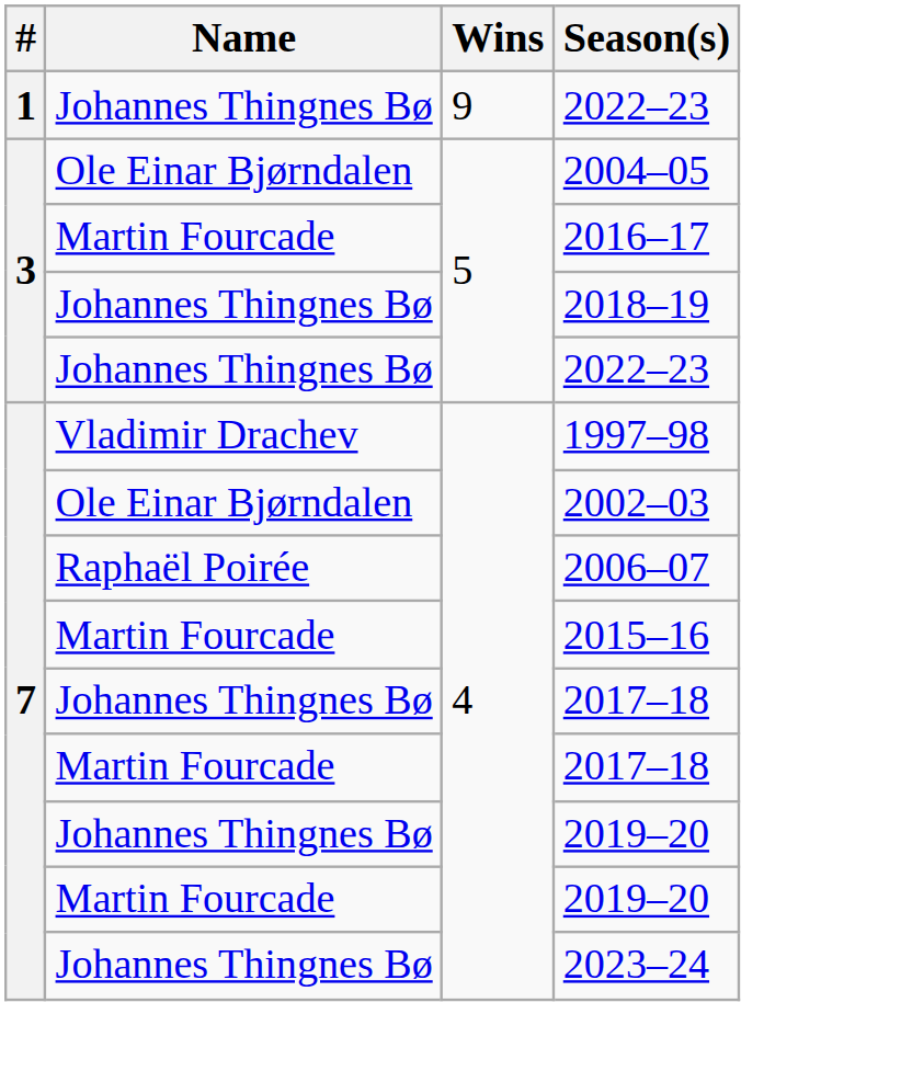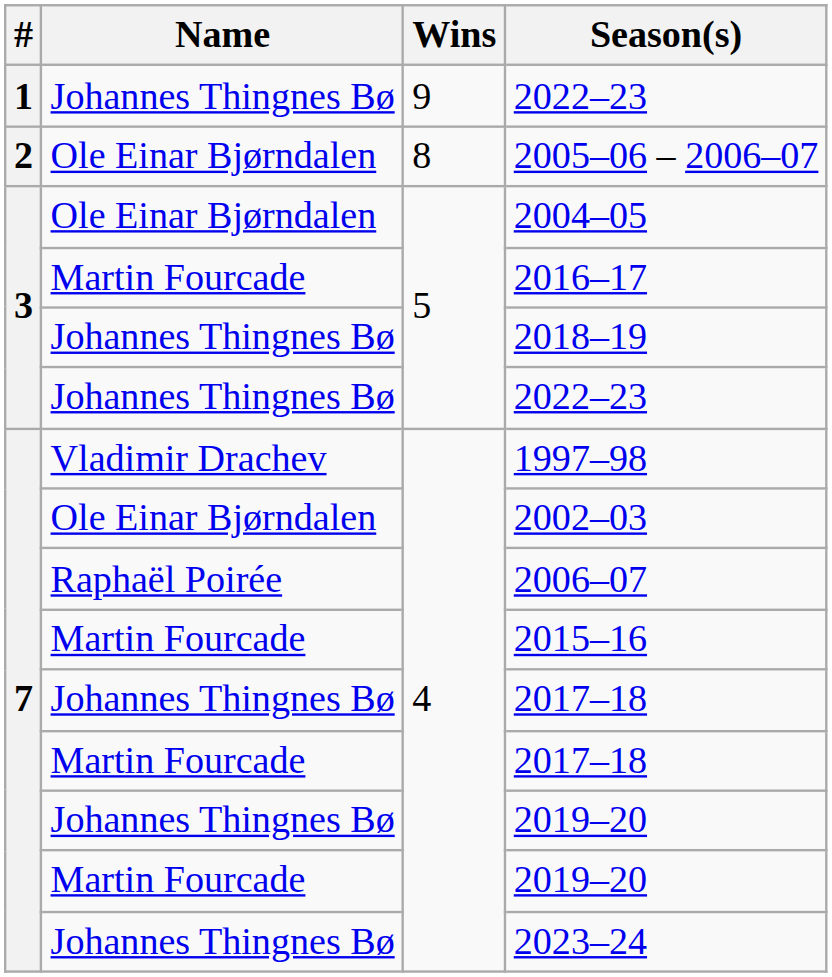 <table class="wikitable plainrowheaders" style="display:inline-table;">
 <tr>
 <th>#</th>
 <th>Name</th>
 <th>Wins</th>
 <th>Season(s)</th>
 </tr>
 <tr>
 <th>1</th>
 <td style="text-align:left"> <a href='#'>Johannes Thingnes Bø</a></td>
 <td>9</td>
 <td><a href='#'>2022–23</a></td>
+</tr>
+<tr>
+<th>2</th>
+<td style="text-align:left"> <a href='#'>Ole Einar Bjørndalen</a></td>
+<td>8</td>
+<td><a href='#'>2005–06</a> – <a href='#'>2006–07</a></td>
 </tr>
 <tr>
 <th rowspan=4>3</th>
 <td style="text-align:left"> <a href='#'>Ole Einar Bjørndalen</a></td>
 <td rowspan=4>5</td>
 <td><a href='#'>2004–05</a></td>
 </tr>
 <tr>
 <td style="text-align:left"> <a href='#'>Martin Fourcade</a></td>
 <td><a href='#'>2016–17</a></td>
 </tr>
 <tr>
 <td style="text-align:left"> <a href='#'>Johannes Thingnes Bø</a></td>
 <td><a href='#'>2018–19</a></td>
 </tr>
 <tr>
 <td style="text-align:left"> <a href='#'>Johannes Thingnes Bø</a></td>
 <td><a href='#'>2022–23</a></td>
 </tr>
 <tr>
 <th rowspan=9>7</th>
 <td style="text-align:left"> <a href='#'>Vladimir Drachev</a></td>
 <td rowspan=9>4</td>
 <td><a href='#'>1997–98</a></td>
 </tr>
 <tr>
 <td style="text-align:left"> <a href='#'>Ole Einar Bjørndalen</a></td>
 <td><a href='#'>2002–03</a></td>
 </tr>
 <tr>
 <td style="text-align:left"> <a href='#'>Raphaël Poirée</a></td>
 <td><a href='#'>2006–07</a></td>
 </tr>
 <tr>
 <td style="text-align:left"> <a href='#'>Martin Fourcade</a></td>
 <td><a href='#'>2015–16</a></td>
 </tr>
 <tr>
 <td style="text-align:left"> <a href='#'>Johannes Thingnes Bø</a></td>
 <td><a href='#'>2017–18</a></td>
 </tr>
 <tr>
 <td style="text-align:left"> <a href='#'>Martin Fourcade</a></td>
 <td><a href='#'>2017–18</a></td>
 </tr>
 <tr>
 <td style="text-align:left"> <a href='#'>Johannes Thingnes Bø</a></td>
 <td><a href='#'>2019–20</a></td>
 </tr>
 <tr>
 <td style="text-align:left"> <a href='#'>Martin Fourcade</a></td>
 <td><a href='#'>2019–20</a></td>
 </tr>
 <tr>
 <td style="text-align:left"> <a href='#'>Johannes Thingnes Bø</a></td>
 <td><a href='#'>2023–24</a></td>
 </tr>
 </table>
